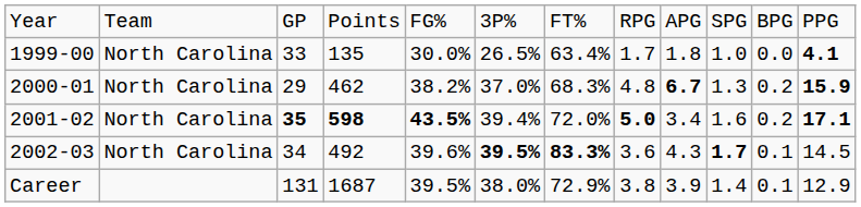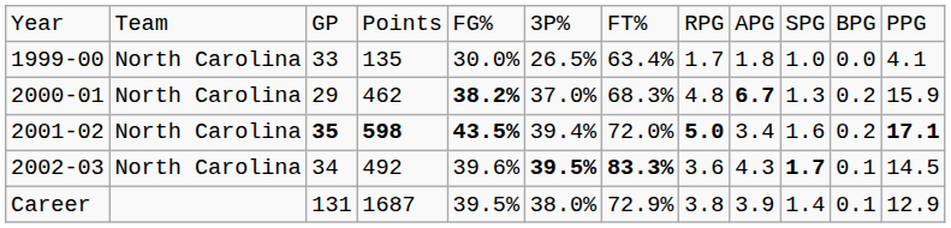 <table class="wikitable">
 <tr>
 <td>Year</td>
 <td>Team</td>
 <td>GP</td>
 <td>Points</td>
 <td>FG%</td>
 <td>3P%</td>
 <td>FT%</td>
 <td>RPG</td>
 <td>APG</td>
 <td>SPG</td>
 <td>BPG</td>
 <td>PPG</td>
 </tr>
 <tr>
 <td>1999-00</td>
 <td>North Carolina</td>
 <td>33</td>
 <td>135</td>
 <td>30.0%</td>
 <td>26.5%</td>
 <td>63.4%</td>
 <td>1.7</td>
 <td>1.8</td>
 <td>1.0</td>
 <td>0.0</td>
-<td><strong>4.1</strong></td>
+<td>4.1</td>
 </tr>
 <tr>
 <td>2000-01</td>
 <td>North Carolina</td>
 <td>29</td>
 <td>462</td>
-<td>38.2%</td>
+<td><strong>38.2%</strong></td>
 <td>37.0%</td>
 <td>68.3%</td>
 <td>4.8</td>
 <td><strong>6.7</strong></td>
 <td>1.3</td>
 <td>0.2</td>
-<td><strong>15.9</strong></td>
+<td>15.9</td>
 </tr>
 <tr>
 <td>2001-02</td>
 <td>North Carolina</td>
 <td><strong>35</strong></td>
 <td><strong>598</strong></td>
 <td><strong>43.5%</strong></td>
 <td>39.4%</td>
 <td>72.0%</td>
 <td><strong>5.0</strong></td>
 <td>3.4</td>
 <td>1.6</td>
 <td>0.2</td>
 <td><strong>17.1</strong></td>
 </tr>
 <tr>
 <td>2002-03</td>
 <td>North Carolina</td>
 <td>34</td>
 <td>492</td>
 <td>39.6%</td>
 <td><strong>39.5%</strong></td>
 <td><strong>83.3%</strong></td>
 <td>3.6</td>
 <td>4.3</td>
 <td><strong>1.7</strong></td>
 <td>0.1</td>
 <td>14.5</td>
 </tr>
 <tr>
 <td>Career</td>
 <td></td>
 <td>131</td>
 <td>1687</td>
 <td>39.5%</td>
 <td>38.0%</td>
 <td>72.9%</td>
 <td>3.8</td>
 <td>3.9</td>
 <td>1.4</td>
 <td>0.1</td>
 <td>12.9</td>
 </tr>
 </table>
